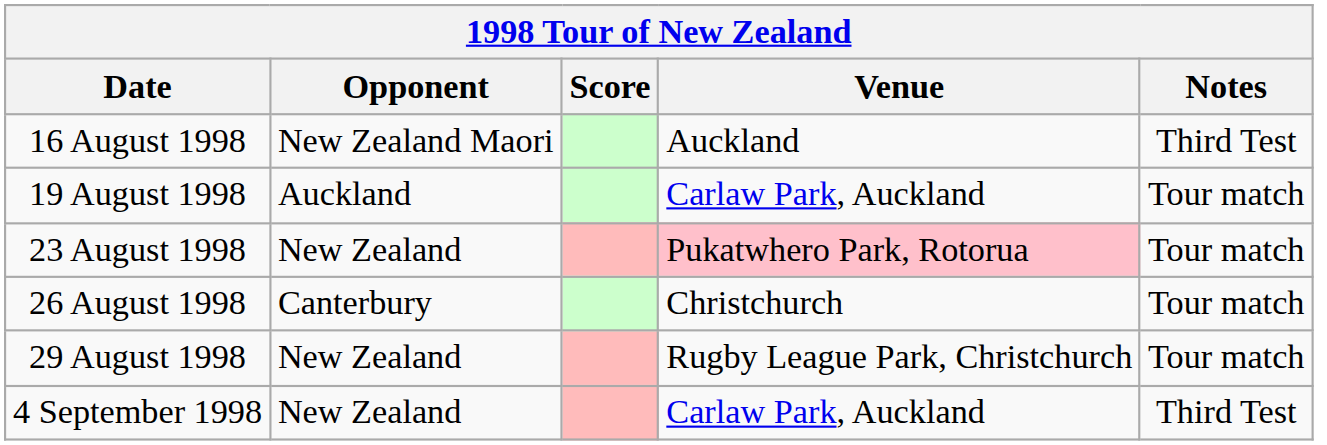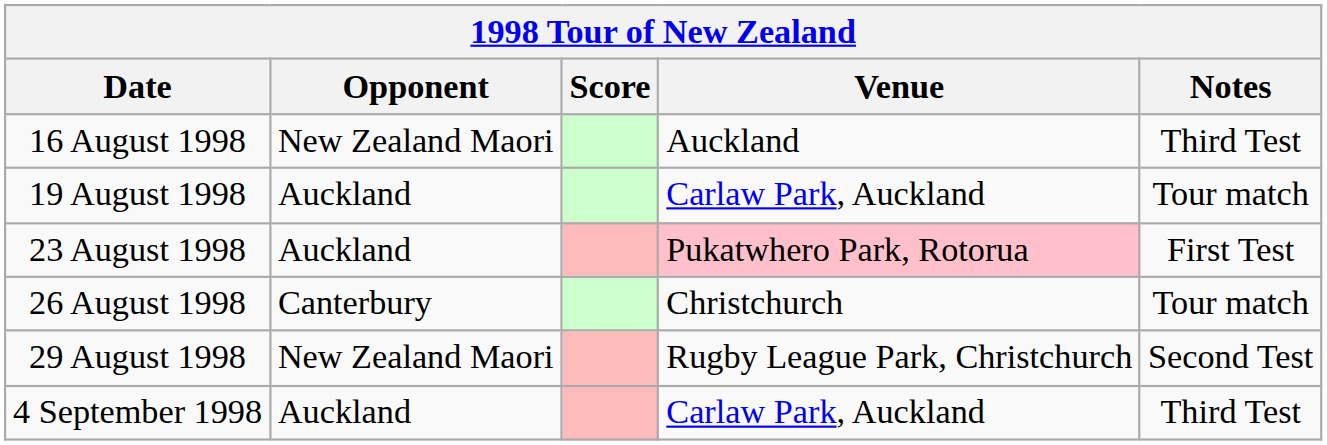 <table class="wikitable" style="text-align: center;">
 <tr>
 <th colspan=9><a href='#'>1998 Tour of New Zealand</a></th>
 </tr>
 <tr>
 <th>Date</th>
 <th>Opponent</th>
 <th>Score</th>
 <th>Venue</th>
 <th>Notes</th>
 </tr>
 <tr>
 <td>16 August 1998</td>
 <td align=left> New Zealand Maori</td>
 <td bgcolor="#CCFFCC"></td>
 <td align=left>Auckland</td>
 <td>Third Test</td>
 </tr>
 <tr>
 <td>19 August 1998</td>
 <td align=left> Auckland</td>
 <td bgcolor="#CCFFCC"></td>
 <td align=left><a href='#'>Carlaw Park</a>, Auckland</td>
 <td>Tour match</td>
 </tr>
 <tr>
 <td>23 August 1998</td>
-<td align=left> New Zealand</td>
+<td align=left> Auckland</td>
 <td bgcolor="#FFBBBB"></td>
 <td align=left style="background: pink;">Pukatwhero Park, Rotorua</td>
-<td>Tour match</td>
+<td>First Test</td>
 </tr>
 <tr>
 <td>26 August 1998</td>
 <td align=left> Canterbury</td>
 <td bgcolor="#CCFFCC"></td>
 <td align=left>Christchurch</td>
 <td>Tour match</td>
 </tr>
 <tr>
 <td>29 August 1998</td>
-<td align=left> New Zealand</td>
+<td align=left> New Zealand Maori</td>
 <td bgcolor="#FFBBBB"></td>
 <td align=left>Rugby League Park, Christchurch</td>
-<td>Tour match</td>
+<td>Second Test</td>
 </tr>
 <tr>
 <td>4 September 1998</td>
-<td align=left> New Zealand</td>
+<td align=left> Auckland</td>
 <td bgcolor="#FFBBBB"></td>
 <td align=left><a href='#'>Carlaw Park</a>, Auckland</td>
 <td>Third Test</td>
 </tr>
 </table>
